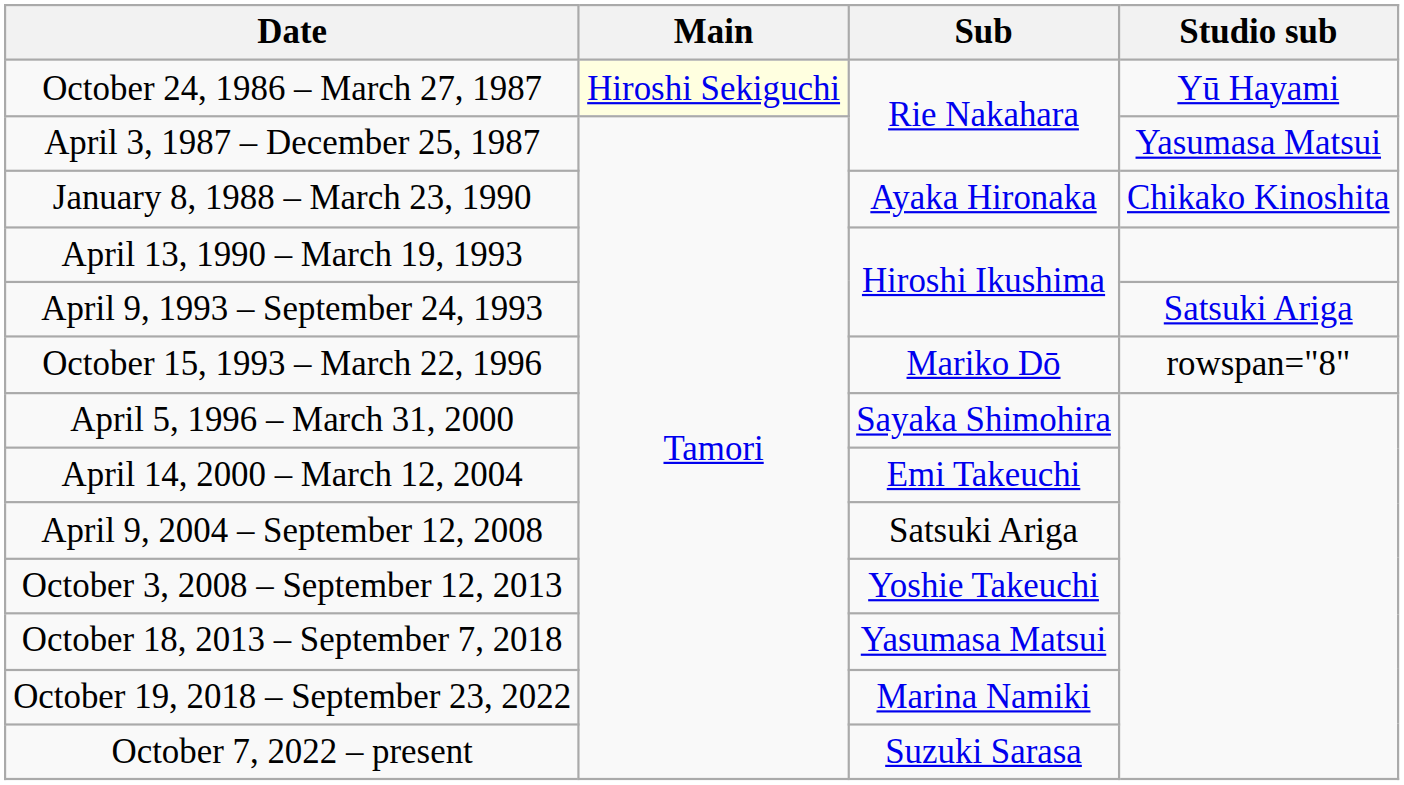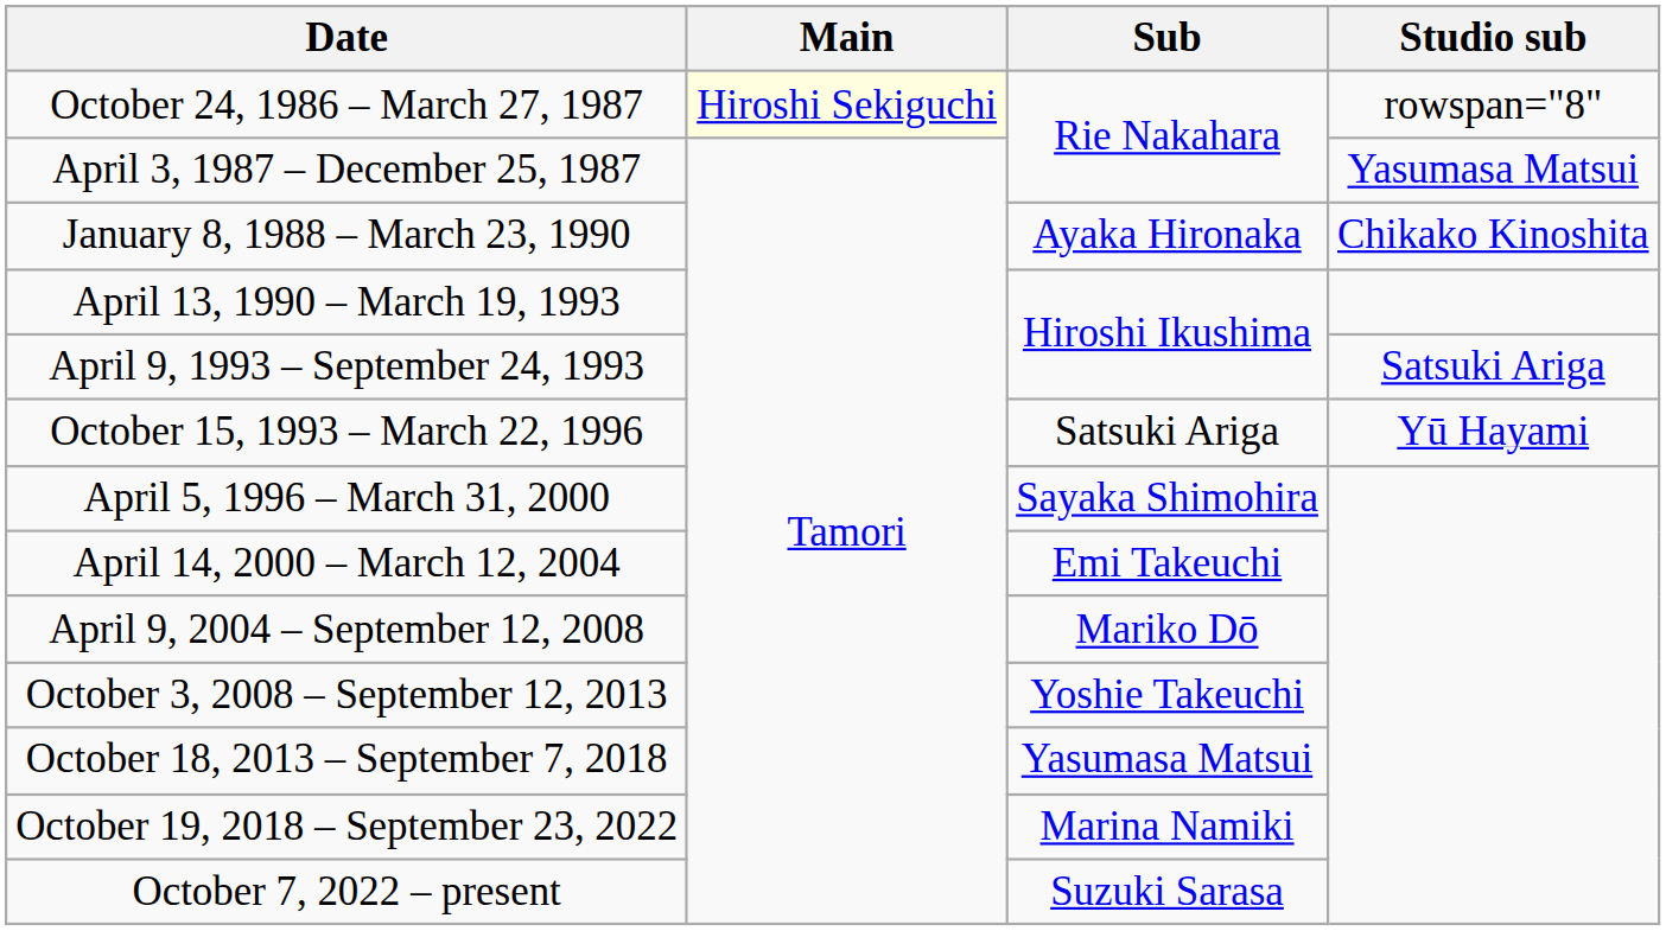 <table class="wikitable" style="text-align:center">
 <tr>
 <th>Date</th>
 <th>Main</th>
 <th>Sub</th>
 <th>Studio sub</th>
 </tr>
 <tr>
 <td>October 24, 1986 – March 27, 1987</td>
 <td style="background: lightyellow;"><a href='#'>Hiroshi Sekiguchi</a></td>
 <td rowspan="2"><a href='#'>Rie Nakahara</a></td>
-<td><a href='#'>Yū Hayami</a></td>
+<td>rowspan="8" </td>
 </tr>
 <tr>
 <td>April 3, 1987 – December 25, 1987</td>
 <td rowspan="12"><a href='#'>Tamori</a></td>
 <td><a href='#'>Yasumasa Matsui</a></td>
 </tr>
 <tr>
 <td>January 8, 1988 – March 23, 1990</td>
 <td><a href='#'>Ayaka Hironaka</a></td>
 <td><a href='#'>Chikako Kinoshita</a></td>
 </tr>
 <tr>
 <td>April 13, 1990 – March 19, 1993</td>
 <td rowspan="2"><a href='#'>Hiroshi Ikushima</a></td>
 <td></td>
 </tr>
 <tr>
 <td>April 9, 1993 – September 24, 1993</td>
 <td><a href='#'>Satsuki Ariga</a></td>
 </tr>
 <tr>
 <td>October 15, 1993 – March 22, 1996</td>
-<td><a href='#'>Mariko Dō</a></td>
-<td>rowspan="8" </td>
+<td>Satsuki Ariga</td>
+<td><a href='#'>Yū Hayami</a></td>
 </tr>
 <tr>
 <td>April 5, 1996 – March 31, 2000</td>
 <td><a href='#'>Sayaka Shimohira</a></td>
 </tr>
 <tr>
 <td>April 14, 2000 – March 12, 2004</td>
 <td><a href='#'>Emi Takeuchi</a></td>
 </tr>
 <tr>
 <td>April 9, 2004 – September 12, 2008</td>
-<td>Satsuki Ariga</td>
+<td><a href='#'>Mariko Dō</a></td>
 </tr>
 <tr>
 <td>October 3, 2008 – September 12, 2013</td>
 <td><a href='#'>Yoshie Takeuchi</a></td>
 </tr>
 <tr>
 <td>October 18, 2013 – September 7, 2018</td>
 <td><a href='#'>Yasumasa Matsui</a></td>
 </tr>
 <tr>
 <td>October 19, 2018 – September 23, 2022</td>
 <td><a href='#'>Marina Namiki</a></td>
 </tr>
 <tr>
 <td>October 7, 2022 – present</td>
 <td><a href='#'>Suzuki Sarasa</a></td>
 </tr>
 </table>
